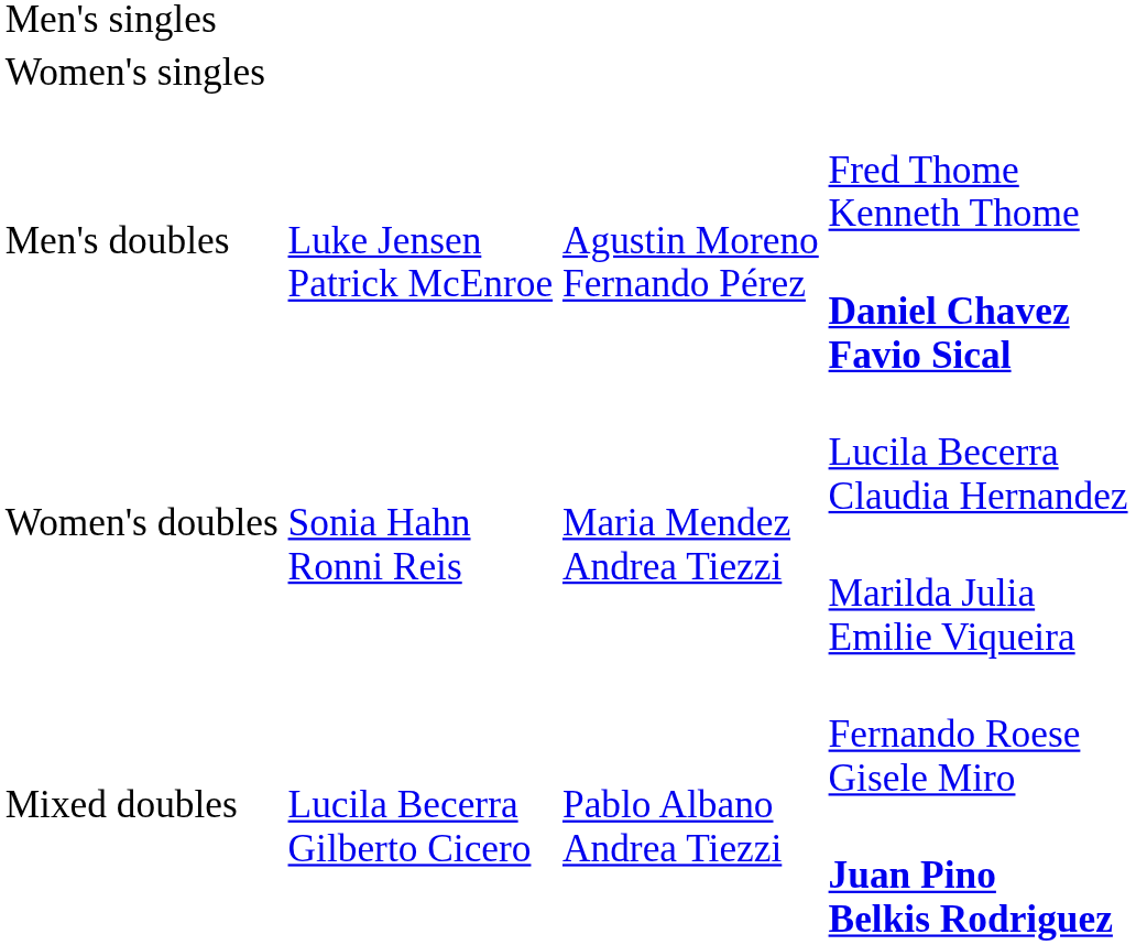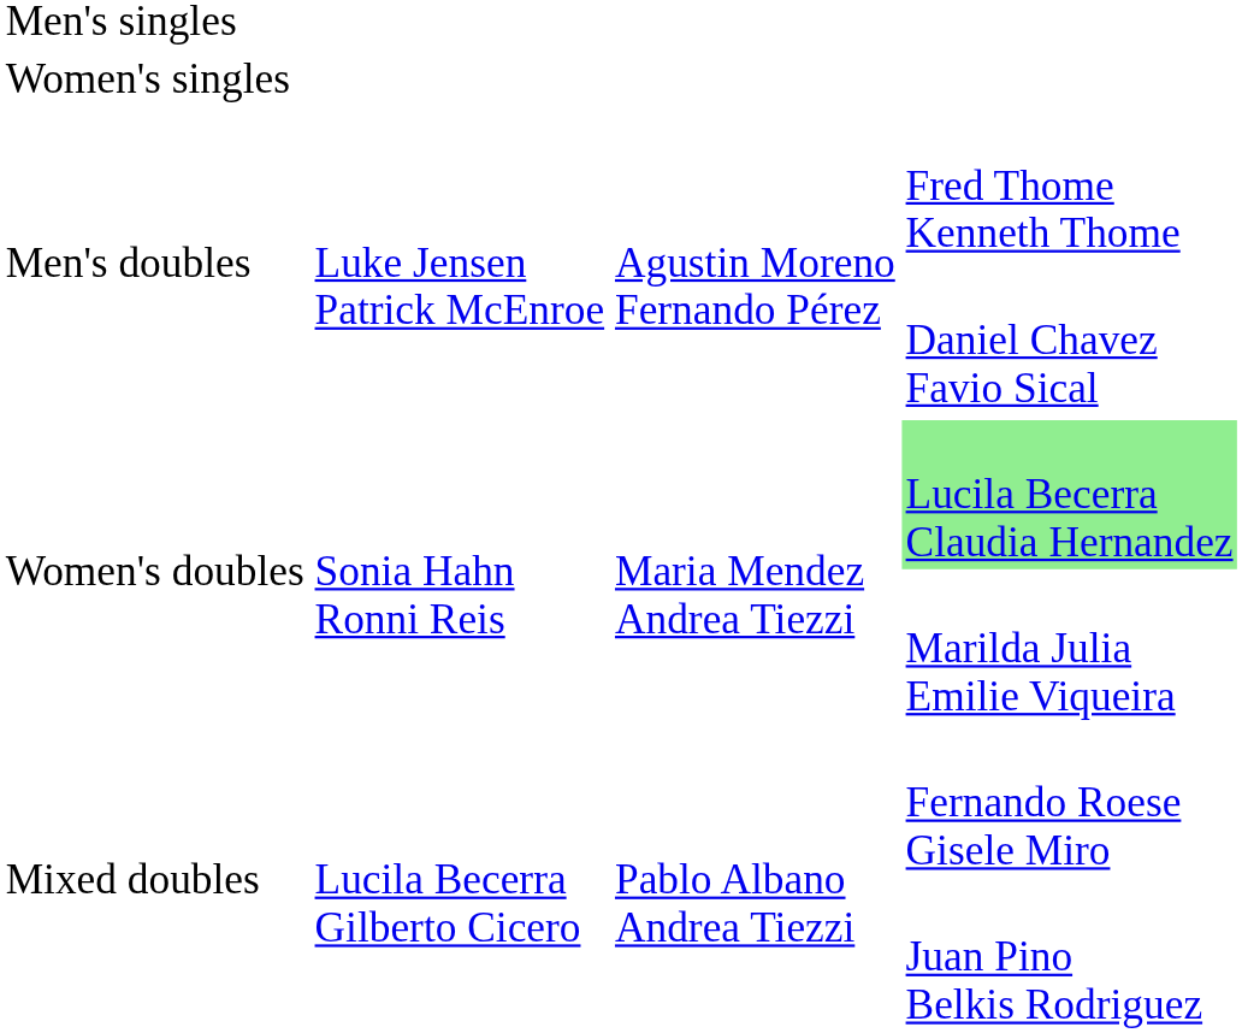 <table>
 <tr>
 <td>Men's singles <br> </td>
 <td></td>
 <td></td>
 <td><br></td>
 </tr>
 <tr>
 <td rowspan=2>Women's singles <br></td>
 <td rowspan=2></td>
 <td rowspan=2></td>
 <td></td>
 </tr>
 <tr>
 <td></td>
 </tr>
 <tr>
 <td rowspan=2>Men's doubles <br></td>
 <td rowspan=2><br><a href='#'>Luke Jensen</a><br><a href='#'>Patrick McEnroe</a></td>
 <td rowspan=2><br><a href='#'>Agustin Moreno</a> <br><a href='#'>Fernando Pérez</a></td>
 <td> <br><a href='#'>Fred Thome</a><br><a href='#'>Kenneth Thome</a></td>
 </tr>
 <tr>
-<td><strong> <br><a href='#'>Daniel Chavez</a><br><a href='#'>Favio Sical</a></strong></td>
+<td> <br><a href='#'>Daniel Chavez</a><br><a href='#'>Favio Sical</a></td>
 </tr>
 <tr>
 <td rowspan=2>Women's doubles <br></td>
 <td rowspan=2><br><a href='#'>Sonia Hahn</a><br><a href='#'>Ronni Reis</a></td>
 <td rowspan=2><br><a href='#'>Maria Mendez</a><br><a href='#'>Andrea Tiezzi</a></td>
-<td> <br><a href='#'>Lucila Becerra</a> <br><a href='#'>Claudia Hernandez</a></td>
+<td style="background: lightgreen;"> <br><a href='#'>Lucila Becerra</a> <br><a href='#'>Claudia Hernandez</a></td>
 </tr>
 <tr>
 <td> <br><a href='#'>Marilda Julia</a> <br><a href='#'>Emilie Viqueira</a></td>
 </tr>
 <tr>
 <td rowspan=2>Mixed doubles <br></td>
 <td rowspan=2><br><a href='#'>Lucila Becerra</a><br><a href='#'>Gilberto Cicero</a></td>
 <td rowspan=2> <br><a href='#'>Pablo Albano</a> <br><a href='#'>Andrea Tiezzi</a></td>
 <td><br><a href='#'>Fernando Roese</a><br><a href='#'>Gisele Miro</a></td>
 </tr>
 <tr>
-<td><strong><br><a href='#'>Juan Pino</a><br><a href='#'>Belkis Rodriguez</a></strong></td>
+<td><br><a href='#'>Juan Pino</a><br><a href='#'>Belkis Rodriguez</a></td>
 </tr>
 </table>
